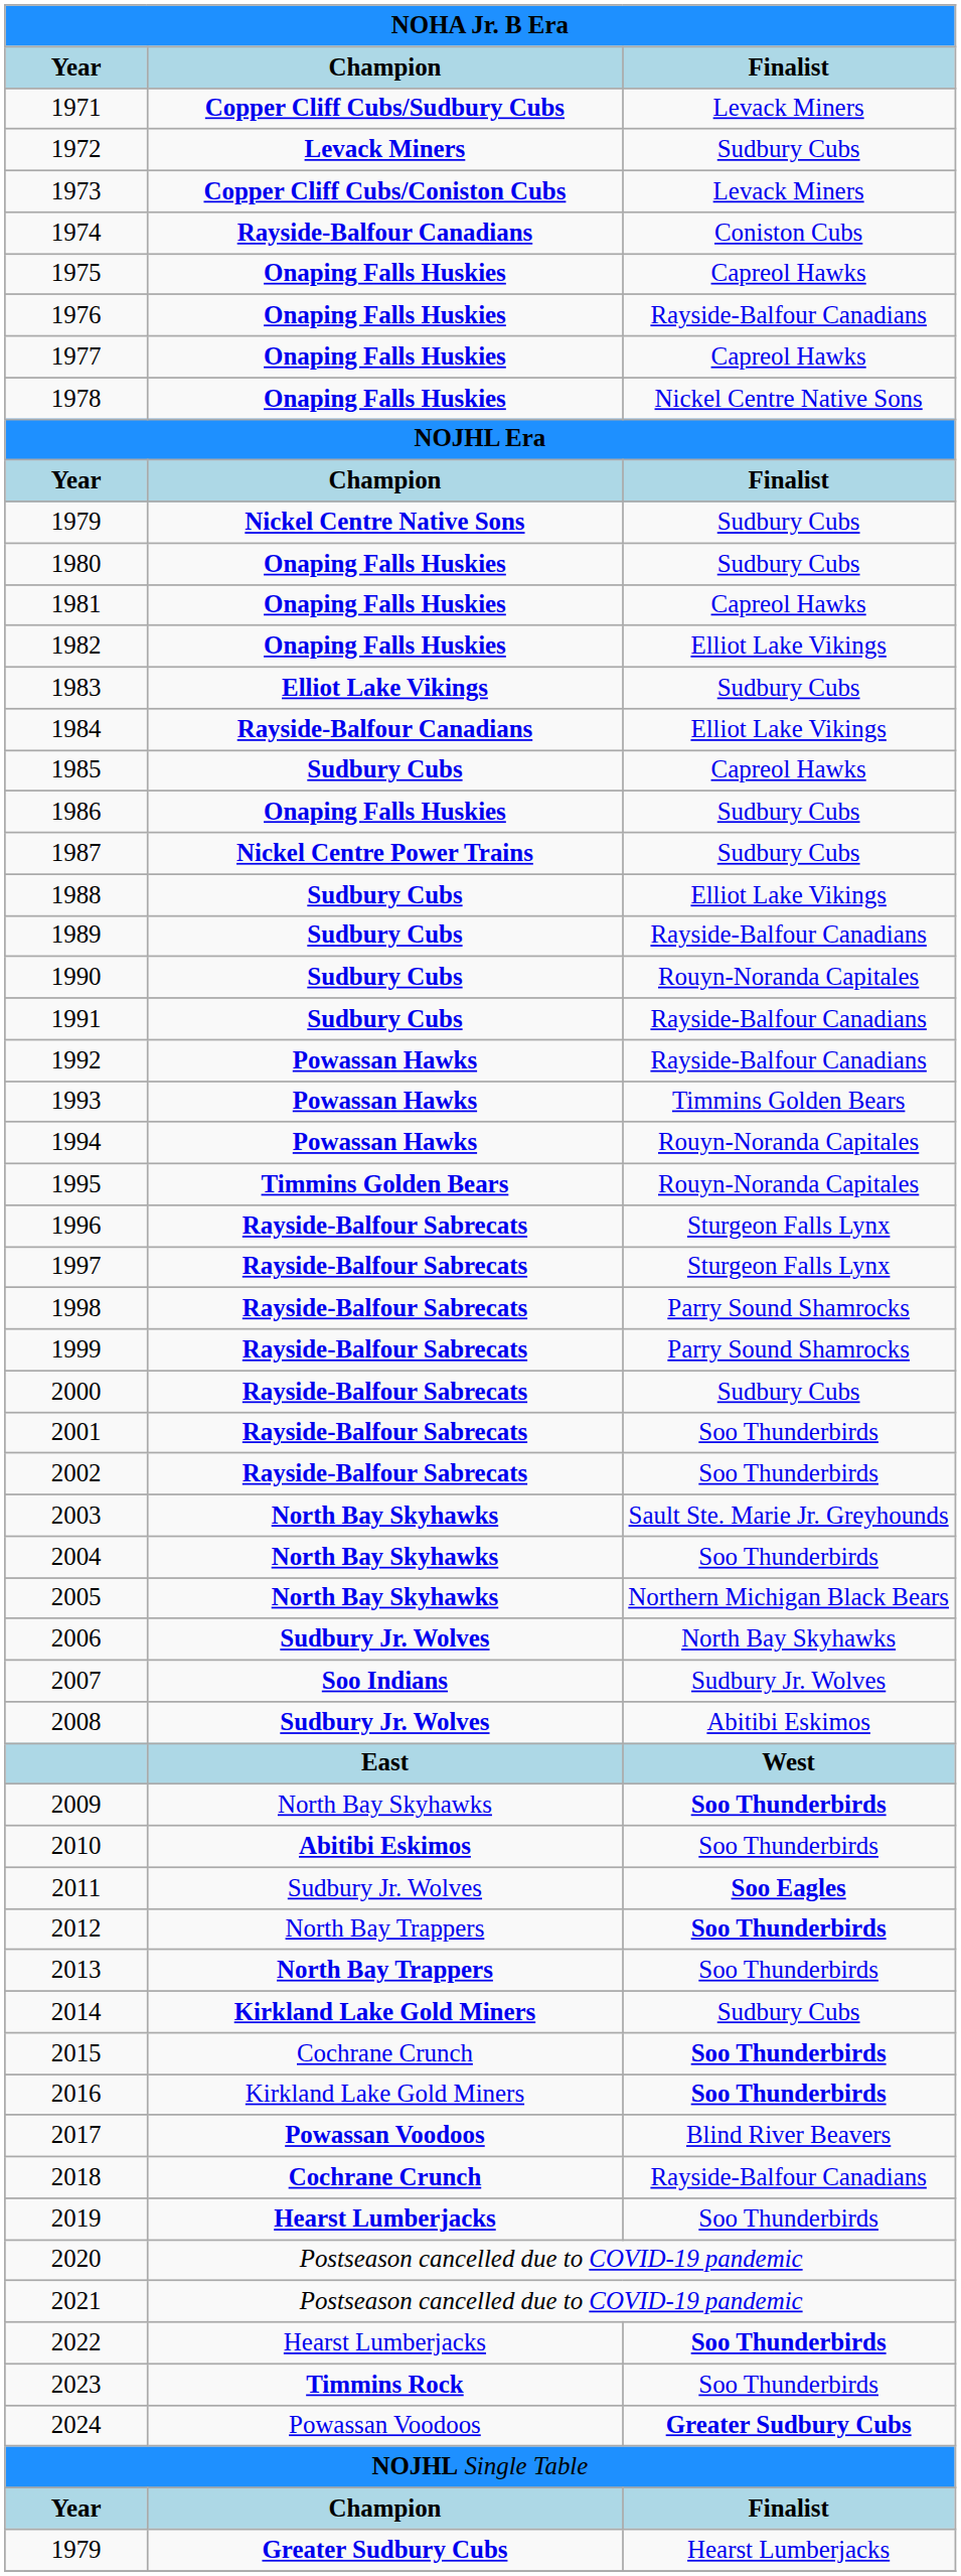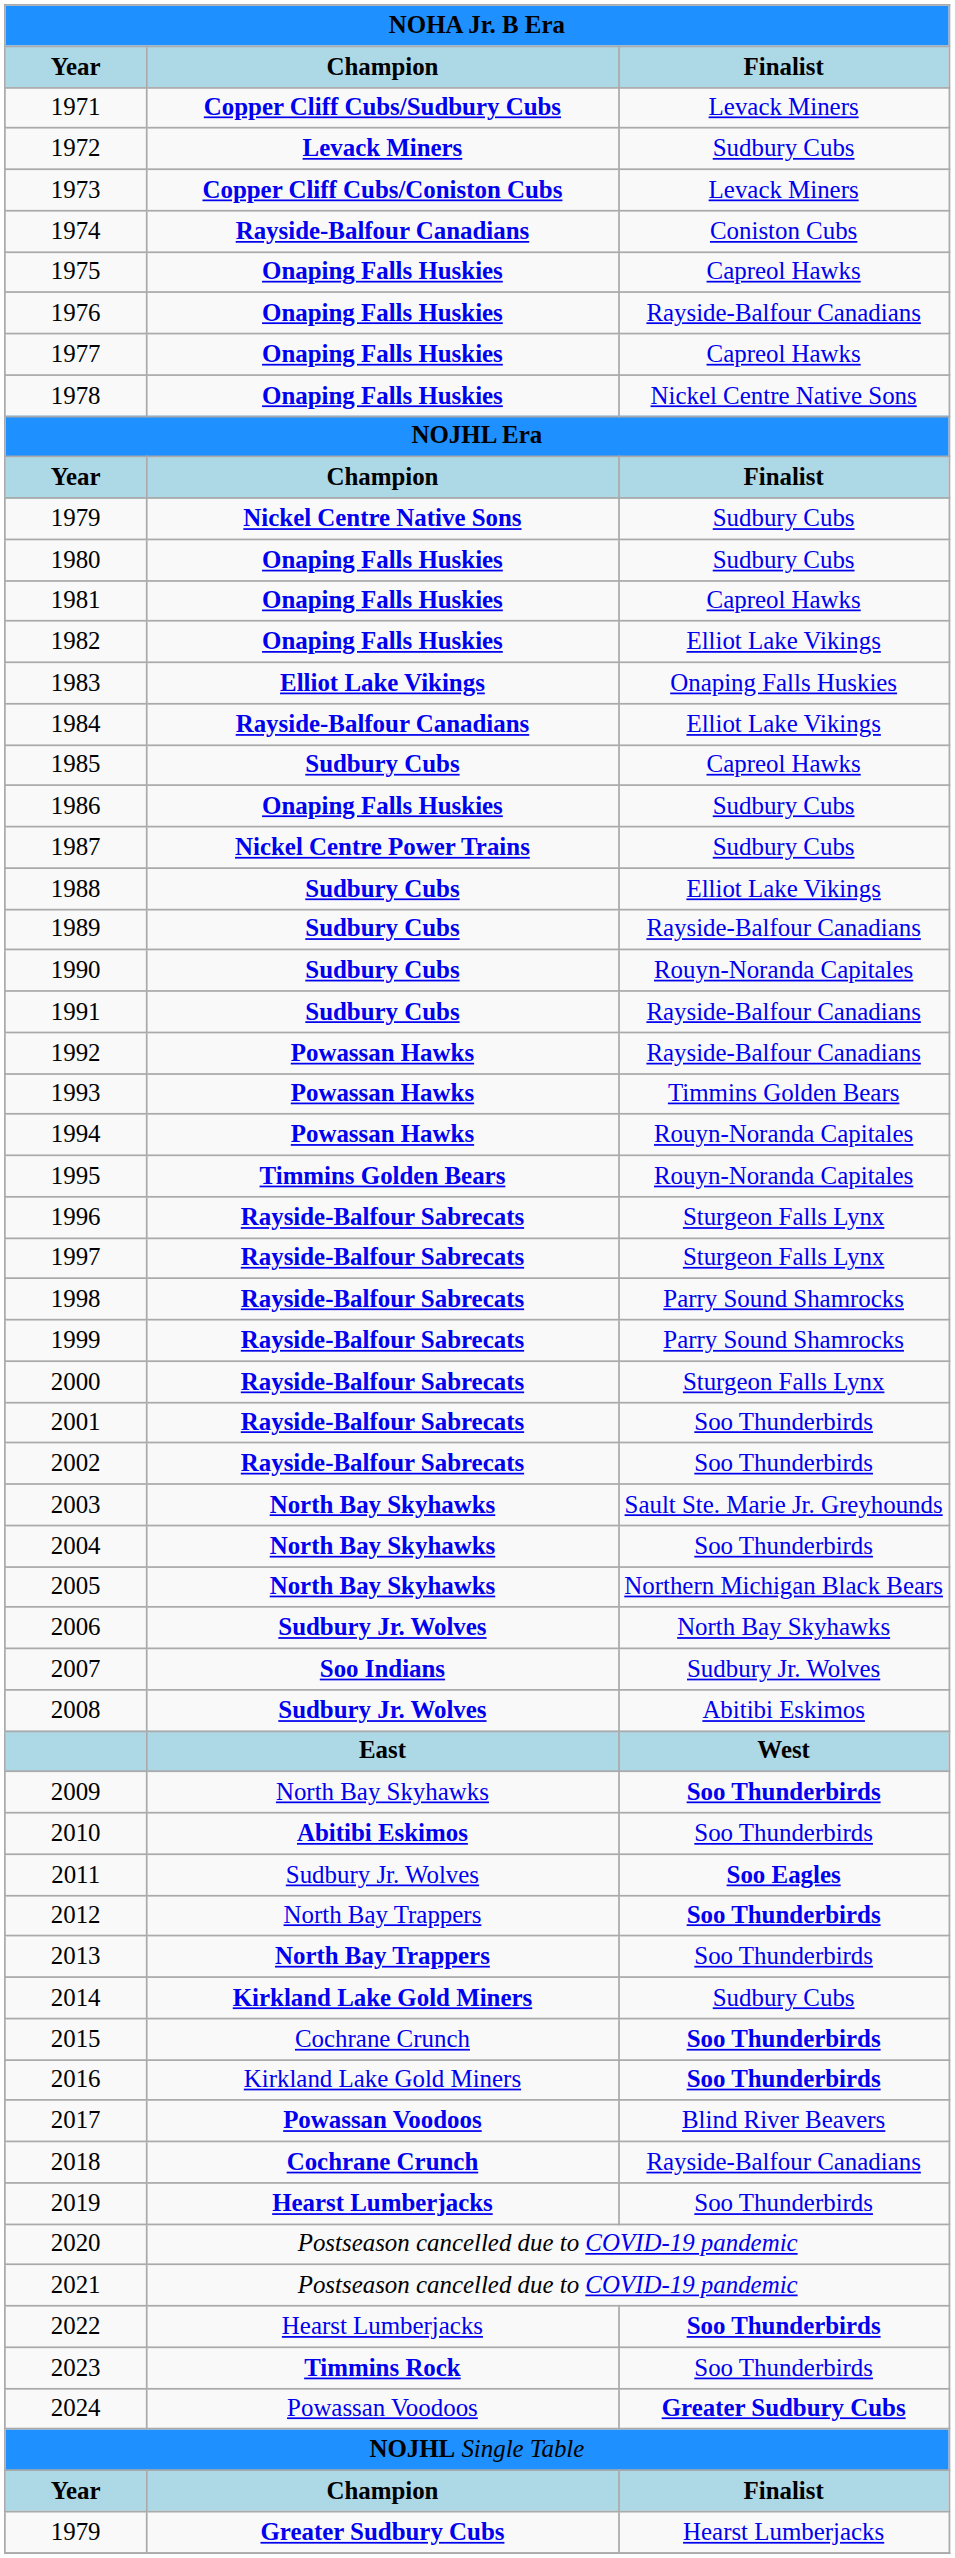 <table class=wikitable style="text-align:center; font-size:90%;">
 <tr style="background:#1e90ff;">
 <td colspan="3"><strong>NOHA Jr. B Era</strong></td>
 </tr>
 <tr>
 <th style="background:#add8e6; width:15%;"><strong>Year</strong></th>
 <th style="background:#add8e6; width:50%;"><strong>Champion</strong></th>
 <th style="background:#add8e6; width:35%;"><strong>Finalist</strong></th>
 </tr>
 <tr>
 <td>1971</td>
 <td><strong><a href='#'>Copper Cliff Cubs/Sudbury Cubs</a></strong></td>
 <td><a href='#'>Levack Miners</a></td>
 </tr>
 <tr>
 <td>1972</td>
 <td><strong><a href='#'>Levack Miners</a></strong></td>
 <td><a href='#'>Sudbury Cubs</a></td>
 </tr>
 <tr>
 <td>1973</td>
 <td><strong><a href='#'>Copper Cliff Cubs/Coniston Cubs</a></strong></td>
 <td><a href='#'>Levack Miners</a></td>
 </tr>
 <tr>
 <td>1974</td>
 <td><strong><a href='#'>Rayside-Balfour Canadians</a></strong></td>
 <td><a href='#'>Coniston Cubs</a></td>
 </tr>
 <tr>
 <td>1975</td>
 <td><strong><a href='#'>Onaping Falls Huskies</a></strong></td>
 <td><a href='#'>Capreol Hawks</a></td>
 </tr>
 <tr>
 <td>1976</td>
 <td><strong><a href='#'>Onaping Falls Huskies</a></strong></td>
 <td><a href='#'>Rayside-Balfour Canadians</a></td>
 </tr>
 <tr>
 <td>1977</td>
 <td><strong><a href='#'>Onaping Falls Huskies</a></strong></td>
 <td><a href='#'>Capreol Hawks</a></td>
 </tr>
 <tr>
 <td>1978</td>
 <td><strong><a href='#'>Onaping Falls Huskies</a></strong></td>
 <td><a href='#'>Nickel Centre Native Sons</a></td>
 </tr>
 <tr style="background:#1e90ff;">
 <td colspan="3"><strong>NOJHL Era</strong></td>
 </tr>
 <tr style="text-align:center;">
 <th style="background:#add8e6;"><strong>Year</strong></th>
 <th style="background:#add8e6;"><strong>Champion</strong></th>
 <th style="background:#add8e6;"><strong>Finalist</strong></th>
 </tr>
 <tr>
 <td>1979</td>
 <td><strong><a href='#'>Nickel Centre Native Sons</a></strong></td>
 <td><a href='#'>Sudbury Cubs</a></td>
 </tr>
 <tr>
 <td>1980</td>
 <td><strong><a href='#'>Onaping Falls Huskies</a></strong></td>
 <td><a href='#'>Sudbury Cubs</a></td>
 </tr>
 <tr>
 <td>1981</td>
 <td><strong><a href='#'>Onaping Falls Huskies</a></strong></td>
 <td><a href='#'>Capreol Hawks</a></td>
 </tr>
 <tr>
 <td>1982</td>
 <td><strong><a href='#'>Onaping Falls Huskies</a></strong></td>
 <td><a href='#'>Elliot Lake Vikings</a></td>
 </tr>
 <tr>
 <td>1983</td>
 <td><strong><a href='#'>Elliot Lake Vikings</a></strong></td>
-<td><a href='#'>Sudbury Cubs</a></td>
+<td><a href='#'>Onaping Falls Huskies</a></td>
 </tr>
 <tr>
 <td>1984</td>
 <td><strong><a href='#'>Rayside-Balfour Canadians</a></strong></td>
 <td><a href='#'>Elliot Lake Vikings</a></td>
 </tr>
 <tr>
 <td>1985</td>
 <td><strong><a href='#'>Sudbury Cubs</a></strong></td>
 <td><a href='#'>Capreol Hawks</a></td>
 </tr>
 <tr>
 <td>1986</td>
 <td><strong><a href='#'>Onaping Falls Huskies</a></strong></td>
 <td><a href='#'>Sudbury Cubs</a></td>
 </tr>
 <tr>
 <td>1987</td>
 <td><strong><a href='#'>Nickel Centre Power Trains</a></strong></td>
 <td><a href='#'>Sudbury Cubs</a></td>
 </tr>
 <tr>
 <td>1988</td>
 <td><strong><a href='#'>Sudbury Cubs</a></strong></td>
 <td><a href='#'>Elliot Lake Vikings</a></td>
 </tr>
 <tr>
 <td>1989</td>
 <td><strong><a href='#'>Sudbury Cubs</a></strong></td>
 <td><a href='#'>Rayside-Balfour Canadians</a></td>
 </tr>
 <tr>
 <td>1990</td>
 <td><strong><a href='#'>Sudbury Cubs</a></strong></td>
 <td><a href='#'>Rouyn-Noranda Capitales</a></td>
 </tr>
 <tr>
 <td>1991</td>
 <td><strong><a href='#'>Sudbury Cubs</a></strong></td>
 <td><a href='#'>Rayside-Balfour Canadians</a></td>
 </tr>
 <tr>
 <td>1992</td>
 <td><strong><a href='#'>Powassan Hawks</a></strong></td>
 <td><a href='#'>Rayside-Balfour Canadians</a></td>
 </tr>
 <tr>
 <td>1993</td>
 <td><strong><a href='#'>Powassan Hawks</a></strong></td>
 <td><a href='#'>Timmins Golden Bears</a></td>
 </tr>
 <tr>
 <td>1994</td>
 <td><strong><a href='#'>Powassan Hawks</a></strong></td>
 <td><a href='#'>Rouyn-Noranda Capitales</a></td>
 </tr>
 <tr>
 <td>1995</td>
 <td><strong><a href='#'>Timmins Golden Bears</a></strong></td>
 <td><a href='#'>Rouyn-Noranda Capitales</a></td>
 </tr>
 <tr>
 <td>1996</td>
 <td><strong><a href='#'>Rayside-Balfour Sabrecats</a></strong></td>
 <td><a href='#'>Sturgeon Falls Lynx</a></td>
 </tr>
 <tr>
 <td>1997</td>
 <td><strong><a href='#'>Rayside-Balfour Sabrecats</a></strong></td>
 <td><a href='#'>Sturgeon Falls Lynx</a></td>
 </tr>
 <tr>
 <td>1998</td>
 <td><strong><a href='#'>Rayside-Balfour Sabrecats</a></strong></td>
 <td><a href='#'>Parry Sound Shamrocks</a></td>
 </tr>
 <tr>
 <td>1999</td>
 <td><strong><a href='#'>Rayside-Balfour Sabrecats</a></strong></td>
 <td><a href='#'>Parry Sound Shamrocks</a></td>
 </tr>
 <tr>
 <td>2000</td>
 <td><strong><a href='#'>Rayside-Balfour Sabrecats</a></strong></td>
-<td><a href='#'>Sudbury Cubs</a></td>
+<td><a href='#'>Sturgeon Falls Lynx</a></td>
 </tr>
 <tr>
 <td>2001</td>
 <td><strong><a href='#'>Rayside-Balfour Sabrecats</a></strong></td>
 <td><a href='#'>Soo Thunderbirds</a></td>
 </tr>
 <tr>
 <td>2002</td>
 <td><strong><a href='#'>Rayside-Balfour Sabrecats</a></strong></td>
 <td><a href='#'>Soo Thunderbirds</a></td>
 </tr>
 <tr>
 <td>2003</td>
 <td><strong><a href='#'>North Bay Skyhawks</a></strong></td>
 <td><a href='#'>Sault Ste. Marie Jr. Greyhounds</a></td>
 </tr>
 <tr>
 <td>2004</td>
 <td><strong><a href='#'>North Bay Skyhawks</a></strong></td>
 <td><a href='#'>Soo Thunderbirds</a></td>
 </tr>
 <tr>
 <td>2005</td>
 <td><strong><a href='#'>North Bay Skyhawks</a></strong></td>
 <td><a href='#'>Northern Michigan Black Bears</a></td>
 </tr>
 <tr>
 <td>2006</td>
 <td><strong><a href='#'>Sudbury Jr. Wolves</a></strong></td>
 <td><a href='#'>North Bay Skyhawks</a></td>
 </tr>
 <tr>
 <td>2007</td>
 <td><strong><a href='#'>Soo Indians</a></strong></td>
 <td><a href='#'>Sudbury Jr. Wolves</a></td>
 </tr>
 <tr>
 <td>2008</td>
 <td><strong><a href='#'>Sudbury Jr. Wolves</a></strong></td>
 <td><a href='#'>Abitibi Eskimos</a></td>
 </tr>
 <tr>
 <th style="background:#add8e6;"></th>
 <th style="background:#add8e6;"><strong>East</strong></th>
 <th style="background:#add8e6;"><strong>West</strong></th>
 </tr>
 <tr>
 <td>2009</td>
 <td><a href='#'>North Bay Skyhawks</a></td>
 <td><strong><a href='#'>Soo Thunderbirds</a></strong></td>
 </tr>
 <tr>
 <td>2010</td>
 <td><strong><a href='#'>Abitibi Eskimos</a></strong></td>
 <td><a href='#'>Soo Thunderbirds</a></td>
 </tr>
 <tr>
 <td>2011</td>
 <td><a href='#'>Sudbury Jr. Wolves</a></td>
 <td><strong><a href='#'>Soo Eagles</a></strong></td>
 </tr>
 <tr>
 <td>2012</td>
 <td><a href='#'>North Bay Trappers</a></td>
 <td><strong><a href='#'>Soo Thunderbirds</a></strong></td>
 </tr>
 <tr>
 <td>2013</td>
 <td><strong><a href='#'>North Bay Trappers</a></strong></td>
 <td><a href='#'>Soo Thunderbirds</a></td>
 </tr>
 <tr>
 <td>2014</td>
 <td><strong><a href='#'>Kirkland Lake Gold Miners</a></strong></td>
 <td><a href='#'>Sudbury Cubs</a></td>
 </tr>
 <tr>
 <td>2015</td>
 <td><a href='#'>Cochrane Crunch</a></td>
 <td><strong><a href='#'>Soo Thunderbirds</a></strong></td>
 </tr>
 <tr>
 <td>2016</td>
 <td><a href='#'>Kirkland Lake Gold Miners</a></td>
 <td><strong><a href='#'>Soo Thunderbirds</a></strong></td>
 </tr>
 <tr>
 <td>2017</td>
 <td><strong><a href='#'>Powassan Voodoos</a></strong></td>
 <td><a href='#'>Blind River Beavers</a></td>
 </tr>
 <tr>
 <td>2018</td>
 <td><strong><a href='#'>Cochrane Crunch</a></strong></td>
 <td><a href='#'>Rayside-Balfour Canadians</a></td>
 </tr>
 <tr>
 <td>2019</td>
 <td><strong><a href='#'>Hearst Lumberjacks</a></strong></td>
 <td><a href='#'>Soo Thunderbirds</a></td>
 </tr>
 <tr>
 <td>2020</td>
 <td colspan=2><em>Postseason cancelled due to <a href='#'>COVID-19 pandemic</a></em></td>
 </tr>
 <tr>
 <td>2021</td>
 <td colspan=2><em>Postseason cancelled due to <a href='#'>COVID-19 pandemic</a></em></td>
 </tr>
 <tr>
 <td>2022</td>
 <td><a href='#'>Hearst Lumberjacks</a></td>
 <td><strong><a href='#'>Soo Thunderbirds</a></strong></td>
 </tr>
 <tr>
 <td>2023</td>
 <td><strong><a href='#'>Timmins Rock</a></strong></td>
 <td><a href='#'>Soo Thunderbirds</a></td>
 </tr>
 <tr>
 <td>2024</td>
 <td><a href='#'>Powassan Voodoos</a></td>
 <td><strong><a href='#'>Greater Sudbury Cubs</a></strong></td>
 </tr>
 <tr style="background:#1e90ff;">
 <td colspan="3"><strong>NOJHL</strong> <em>Single Table</em></td>
 </tr>
 <tr style="text-align:center;">
 <th style="background:#add8e6;"><strong>Year</strong></th>
 <th style="background:#add8e6;"><strong>Champion</strong></th>
 <th style="background:#add8e6;"><strong>Finalist</strong></th>
 </tr>
 <tr>
 <td>1979</td>
 <td><strong><a href='#'>Greater Sudbury Cubs</a></strong></td>
 <td><a href='#'>Hearst Lumberjacks</a></td>
 </tr>
 <tr>
 </tr>
 </table>
